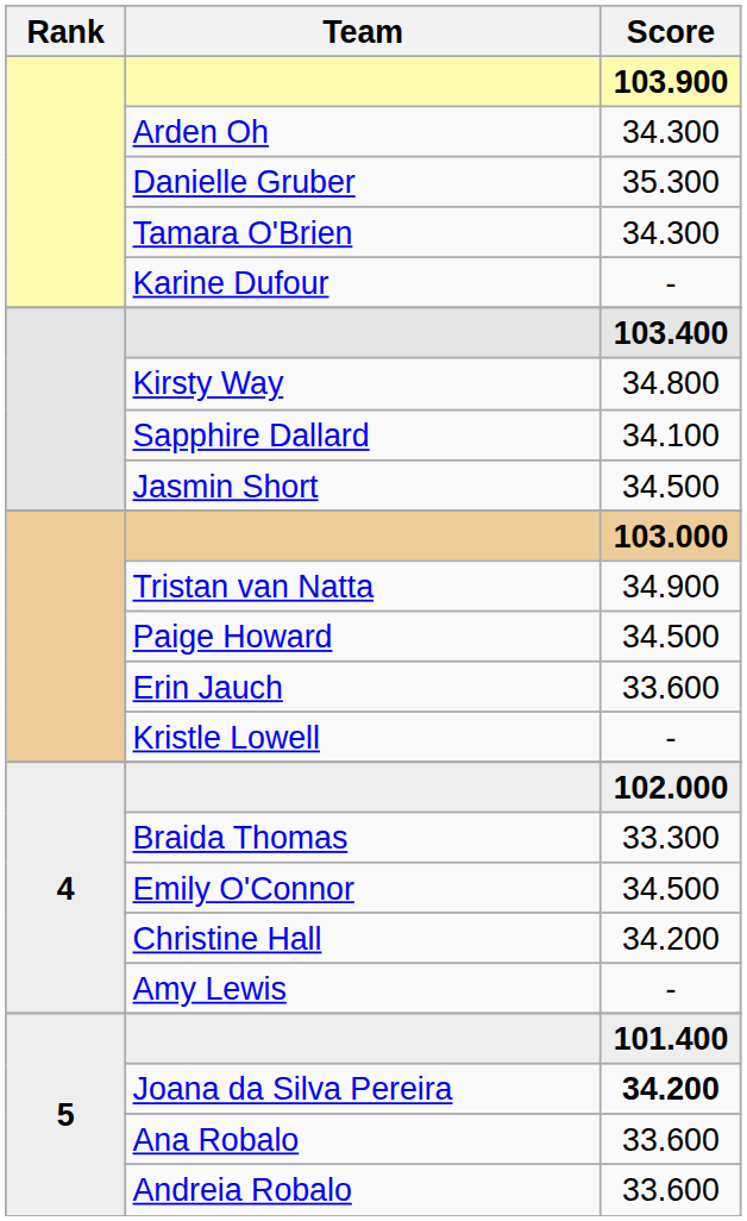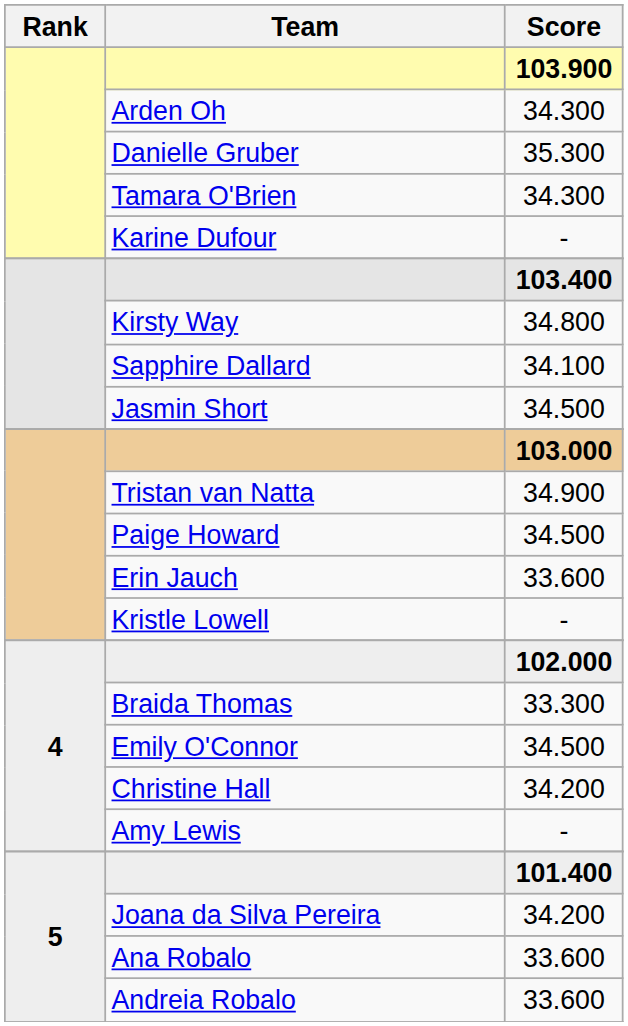 <table class="wikitable" style="text-align:center; font-size:95%">
 <tr>
 <th style="width:50px;">Rank</th>
 <th style="width:220px;">Team</th>
 <th style="width:60px;">Score</th>
 </tr>
 <tr style="background:#fffcaf;">
 <td rowspan=5></td>
 <td style="text-align:left;"><strong></strong></td>
 <td><strong>103.900</strong></td>
 </tr>
 <tr>
 <td style="text-align:left;"><a href='#'>Arden Oh</a></td>
 <td>34.300</td>
 </tr>
 <tr>
 <td style="text-align:left;"><a href='#'>Danielle Gruber</a></td>
 <td>35.300</td>
 </tr>
 <tr>
 <td style="text-align:left;"><a href='#'>Tamara O'Brien</a></td>
 <td>34.300</td>
 </tr>
 <tr>
 <td style="text-align:left;"><a href='#'>Karine Dufour</a></td>
 <td>-</td>
 </tr>
 <tr>
 </tr>
 <tr style="background:#e5e5e5;">
 <td rowspan=4></td>
 <td style="text-align:left;"><strong></strong></td>
 <td><strong>103.400</strong></td>
 </tr>
 <tr>
 <td style="text-align:left;"><a href='#'>Kirsty Way</a></td>
 <td>34.800</td>
 </tr>
 <tr>
 <td style="text-align:left;"><a href='#'>Sapphire Dallard</a></td>
 <td>34.100</td>
 </tr>
 <tr>
 <td style="text-align:left;"><a href='#'>Jasmin Short</a></td>
 <td>34.500</td>
 </tr>
 <tr>
 </tr>
 <tr style="background:#ec9;">
 <td rowspan=5></td>
 <td style="text-align:left;"><strong></strong></td>
 <td><strong>103.000</strong></td>
 </tr>
 <tr>
 <td style="text-align:left;"><a href='#'>Tristan van Natta</a></td>
 <td>34.900</td>
 </tr>
 <tr>
 <td style="text-align:left;"><a href='#'>Paige Howard</a></td>
 <td>34.500</td>
 </tr>
 <tr>
 <td style="text-align:left;"><a href='#'>Erin Jauch</a></td>
 <td>33.600</td>
 </tr>
 <tr>
 <td style="text-align:left;"><a href='#'>Kristle Lowell</a></td>
 <td>-</td>
 </tr>
 <tr>
 </tr>
 <tr style="background:#eee;">
 <td rowspan=5><strong>4</strong></td>
 <td style="text-align:left;"><strong></strong></td>
 <td><strong>102.000</strong></td>
 </tr>
 <tr>
 <td style="text-align:left;"><a href='#'>Braida Thomas</a></td>
 <td>33.300</td>
 </tr>
 <tr>
 <td style="text-align:left;"><a href='#'>Emily O'Connor</a></td>
 <td>34.500</td>
 </tr>
 <tr>
 <td style="text-align:left;"><a href='#'>Christine Hall</a></td>
 <td>34.200</td>
 </tr>
 <tr>
 <td style="text-align:left;"><a href='#'>Amy Lewis</a></td>
 <td>-</td>
 </tr>
 <tr>
 </tr>
 <tr style="background:#eee;">
 <td rowspan=4><strong>5</strong></td>
 <td style="text-align:left;"><strong></strong></td>
 <td><strong>101.400</strong></td>
 </tr>
 <tr>
 <td style="text-align:left;"><a href='#'>Joana da Silva Pereira</a></td>
-<td><strong>34.200</strong></td>
+<td>34.200</td>
 </tr>
 <tr>
 <td style="text-align:left;"><a href='#'>Ana Robalo</a></td>
 <td>33.600</td>
 </tr>
 <tr>
 <td style="text-align:left;"><a href='#'>Andreia Robalo</a></td>
 <td>33.600</td>
 </tr>
 <tr>
 </tr>
 </table>
